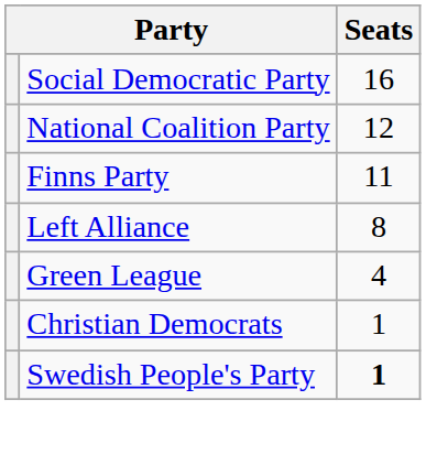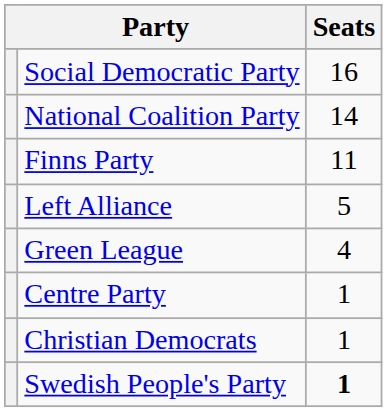 <table class="wikitable">
 <tr>
 <th colspan="2">Party</th>
 <th>Seats</th>
 </tr>
 <tr>
 <th style="background-color: "></th>
 <td><a href='#'>Social Democratic Party</a></td>
 <td valign="center" align="center">16</td>
 </tr>
 <tr>
 <th style="background-color: "></th>
 <td><a href='#'>National Coalition Party</a></td>
-<td valign="center" align="center">12</td>
+<td valign="center" align="center">14</td>
 </tr>
 <tr>
 <th style="background-color: "></th>
 <td><a href='#'>Finns Party</a></td>
 <td valign="center" align="center">11</td>
 </tr>
 <tr>
 <th style="background-color: "></th>
 <td><a href='#'>Left Alliance</a></td>
-<td valign="center" align="center">8</td>
+<td valign="center" align="center">5</td>
 </tr>
 <tr>
 <th style="background-color: "></th>
 <td><a href='#'>Green League</a></td>
 <td valign="center" align="center">4</td>
+</tr>
+<tr>
+<th style="background-color: "></th>
+<td><a href='#'>Centre Party</a></td>
+<td valign="center" align="center">1</td>
 </tr>
 <tr>
 <th style="background-color: "></th>
 <td><a href='#'>Christian Democrats</a></td>
 <td valign="center" align="center">1</td>
 </tr>
 <tr>
 <th style="background-color: "></th>
 <td><a href='#'>Swedish People's Party</a></td>
 <td valign="center" align="center"><strong>1</strong></td>
 </tr>
 </table>
